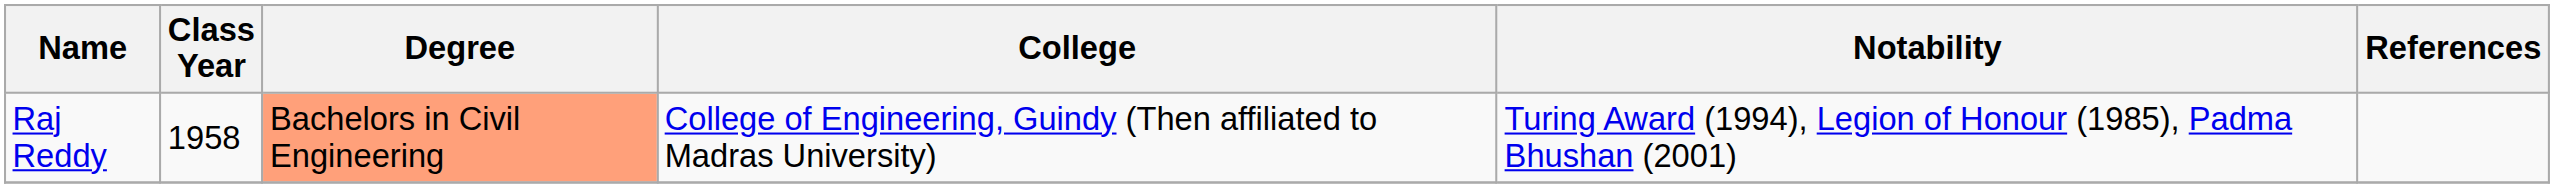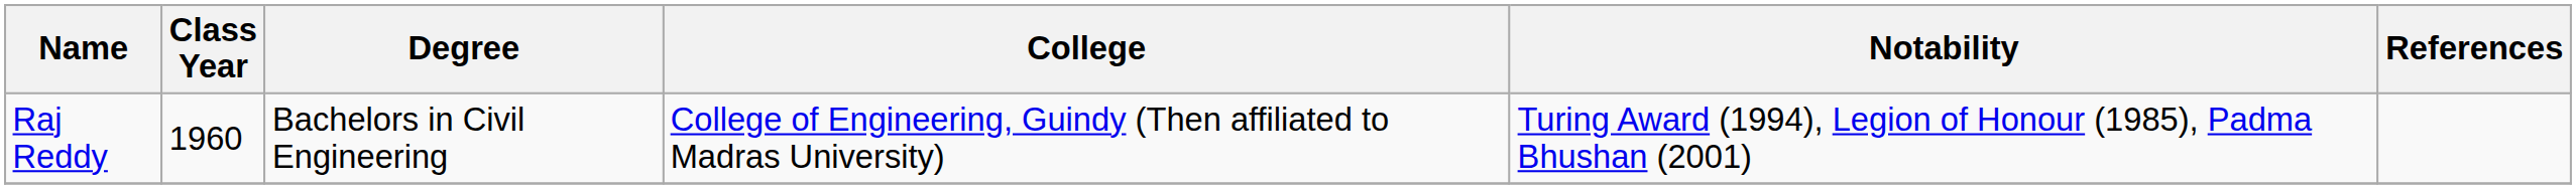 <table class="wikitable">
 <tr>
 <th>Name</th>
 <th>Class<br>Year</th>
 <th>Degree</th>
 <th>College</th>
 <th>Notability</th>
 <th>References</th>
 </tr>
 <tr>
 <td><a href='#'>Raj Reddy</a></td>
-<td>1958</td>
-<td style="background: lightsalmon;">Bachelors in Civil Engineering</td>
+<td>1960</td>
+<td>Bachelors in Civil Engineering</td>
 <td><a href='#'>College of Engineering, Guindy</a> (Then affiliated to Madras University)</td>
 <td><a href='#'>Turing Award</a> (1994),  <a href='#'>Legion of Honour</a> (1985), <a href='#'>Padma Bhushan</a> (2001)</td>
 <td></td>
 </tr>
 <tr>
 </tr>
 </table>
